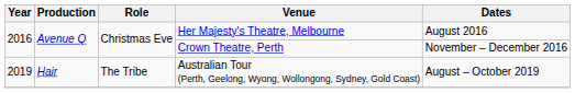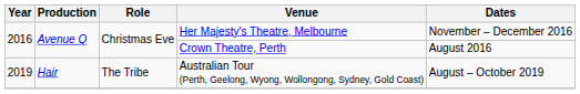 <table class="wikitable sortable">
 <tr>
 <th>Year</th>
 <th>Production</th>
 <th>Role</th>
 <th>Venue</th>
 <th>Dates</th>
 </tr>
 <tr>
 <td rowspan="2">2016</td>
 <td rowspan="2"><em><a href='#'>Avenue Q</a></em></td>
 <td rowspan="2">Christmas Eve</td>
 <td><a href='#'>Her Majesty's Theatre, Melbourne</a></td>
-<td>August 2016</td>
+<td>November – December 2016</td>
 </tr>
 <tr>
 <td><a href='#'>Crown Theatre, Perth</a></td>
-<td>November – December 2016</td>
+<td>August 2016</td>
 </tr>
 <tr>
 <td rowspan="1">2019</td>
 <td rowspan="1"><em><a href='#'>Hair</a></em></td>
 <td rowspan="1">The Tribe</td>
 <td>Australian Tour<br><small>(Perth, Geelong, Wyong, Wollongong, Sydney, Gold Coast)</small></td>
 <td>August – October 2019</td>
 </tr>
 <tr>
 </tr>
 </table>
